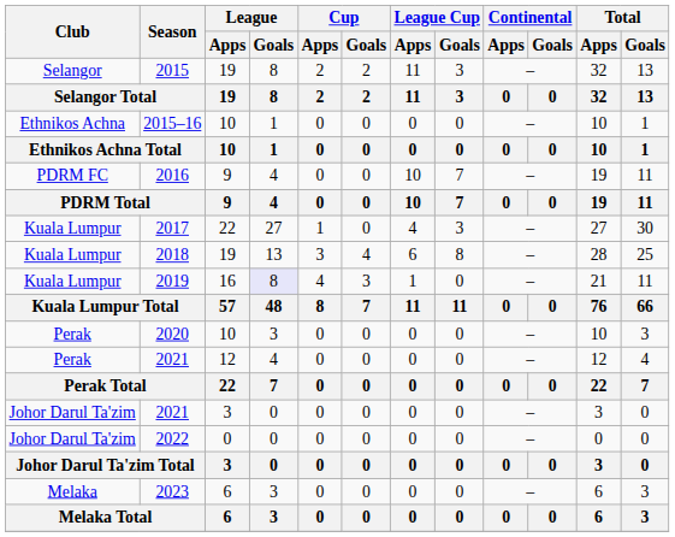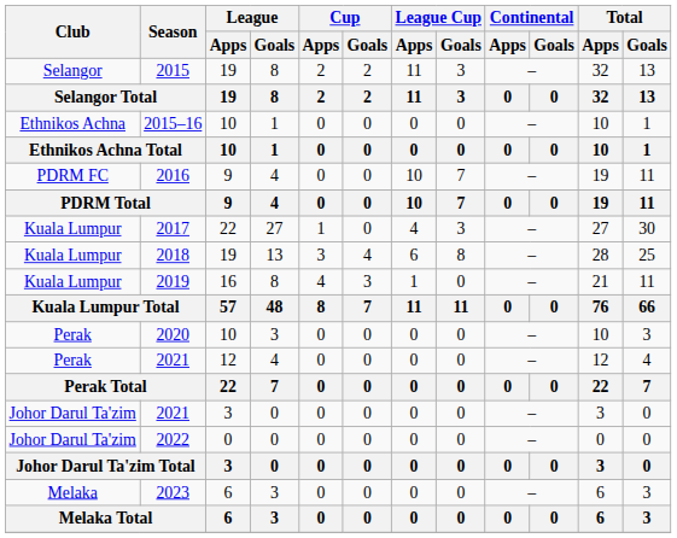 <table class="wikitable" style="text-align:center;">
 <tr>
 <th rowspan="2">Club</th>
 <th rowspan="2">Season</th>
 <th colspan="2">League</th>
 <th colspan="2"><a href='#'>Cup</a></th>
 <th colspan="2"><a href='#'>League Cup</a></th>
 <th colspan="2"><a href='#'>Continental</a></th>
 <th colspan="2">Total</th>
 </tr>
 <tr>
 <th>Apps</th>
 <th>Goals</th>
 <th>Apps</th>
 <th>Goals</th>
 <th>Apps</th>
 <th>Goals</th>
 <th>Apps</th>
 <th>Goals</th>
 <th>Apps</th>
 <th>Goals</th>
 </tr>
 <tr>
 <td><a href='#'>Selangor</a></td>
 <td><a href='#'>2015</a></td>
 <td>19</td>
 <td>8</td>
 <td>2</td>
 <td>2</td>
 <td>11</td>
 <td>3</td>
 <td colspan="2">–</td>
 <td>32</td>
 <td>13</td>
 </tr>
 <tr>
 <th colspan="2">Selangor Total</th>
 <th>19</th>
 <th>8</th>
 <th>2</th>
 <th>2</th>
 <th>11</th>
 <th>3</th>
 <th>0</th>
 <th>0</th>
 <th>32</th>
 <th>13</th>
 </tr>
 <tr>
 <td><a href='#'>Ethnikos Achna</a></td>
 <td><a href='#'>2015–16</a></td>
 <td>10</td>
 <td>1</td>
 <td>0</td>
 <td>0</td>
 <td>0</td>
 <td>0</td>
 <td colspan="2">–</td>
 <td>10</td>
 <td>1</td>
 </tr>
 <tr>
 <th colspan="2">Ethnikos Achna Total</th>
 <th>10</th>
 <th>1</th>
 <th>0</th>
 <th>0</th>
 <th>0</th>
 <th>0</th>
 <th>0</th>
 <th>0</th>
 <th>10</th>
 <th>1</th>
 </tr>
 <tr>
 <td><a href='#'>PDRM FC</a></td>
 <td><a href='#'>2016</a></td>
 <td>9</td>
 <td>4</td>
 <td>0</td>
 <td>0</td>
 <td>10</td>
 <td>7</td>
 <td colspan="2">–</td>
 <td>19</td>
 <td>11</td>
 </tr>
 <tr>
 <th colspan="2">PDRM Total</th>
 <th>9</th>
 <th>4</th>
 <th>0</th>
 <th>0</th>
 <th>10</th>
 <th>7</th>
 <th>0</th>
 <th>0</th>
 <th>19</th>
 <th>11</th>
 </tr>
 <tr>
 <td><a href='#'>Kuala Lumpur</a></td>
 <td><a href='#'>2017</a></td>
 <td>22</td>
 <td>27</td>
 <td>1</td>
 <td>0</td>
 <td>4</td>
 <td>3</td>
 <td colspan="2">–</td>
 <td>27</td>
 <td>30</td>
 </tr>
 <tr>
 <td><a href='#'>Kuala Lumpur</a></td>
 <td><a href='#'>2018</a></td>
 <td>19</td>
 <td>13</td>
 <td>3</td>
 <td>4</td>
 <td>6</td>
 <td>8</td>
 <td colspan="2">–</td>
 <td>28</td>
 <td>25</td>
 </tr>
 <tr>
 <td><a href='#'>Kuala Lumpur</a></td>
 <td><a href='#'>2019</a></td>
 <td>16</td>
-<td style="background: lavender;">8</td>
+<td>8</td>
 <td>4</td>
 <td>3</td>
 <td>1</td>
 <td>0</td>
 <td colspan="2">–</td>
 <td>21</td>
 <td>11</td>
 </tr>
 <tr>
 <th colspan="2">Kuala Lumpur Total</th>
 <th>57</th>
 <th>48</th>
 <th>8</th>
 <th>7</th>
 <th>11</th>
 <th>11</th>
 <th>0</th>
 <th>0</th>
 <th>76</th>
 <th>66</th>
 </tr>
 <tr>
 <td><a href='#'>Perak</a></td>
 <td><a href='#'>2020</a></td>
 <td>10</td>
 <td>3</td>
 <td>0</td>
 <td>0</td>
 <td>0</td>
 <td>0</td>
 <td colspan="2">–</td>
 <td>10</td>
 <td>3</td>
 </tr>
 <tr>
 <td><a href='#'>Perak</a></td>
 <td><a href='#'>2021</a></td>
 <td>12</td>
 <td>4</td>
 <td>0</td>
 <td>0</td>
 <td>0</td>
 <td>0</td>
 <td colspan="2">–</td>
 <td>12</td>
 <td>4</td>
 </tr>
 <tr>
 <th colspan="2">Perak Total</th>
 <th>22</th>
 <th>7</th>
 <th>0</th>
 <th>0</th>
 <th>0</th>
 <th>0</th>
 <th>0</th>
 <th>0</th>
 <th>22</th>
 <th>7</th>
 </tr>
 <tr>
 <td><a href='#'>Johor Darul Ta'zim</a></td>
 <td><a href='#'>2021</a></td>
 <td>3</td>
 <td>0</td>
 <td>0</td>
 <td>0</td>
 <td>0</td>
 <td>0</td>
 <td colspan="2">–</td>
 <td>3</td>
 <td>0</td>
 </tr>
 <tr>
 <td><a href='#'>Johor Darul Ta'zim</a></td>
 <td><a href='#'>2022</a></td>
 <td>0</td>
 <td>0</td>
 <td>0</td>
 <td>0</td>
 <td>0</td>
 <td>0</td>
 <td colspan="2">–</td>
 <td>0</td>
 <td>0</td>
 </tr>
 <tr>
 <th colspan="2">Johor Darul Ta'zim Total</th>
 <th>3</th>
 <th>0</th>
 <th>0</th>
 <th>0</th>
 <th>0</th>
 <th>0</th>
 <th>0</th>
 <th>0</th>
 <th>3</th>
 <th>0</th>
 </tr>
 <tr>
 <td><a href='#'>Melaka</a></td>
 <td><a href='#'>2023</a></td>
 <td>6</td>
 <td>3</td>
 <td>0</td>
 <td>0</td>
 <td>0</td>
 <td>0</td>
 <td colspan="2">–</td>
 <td>6</td>
 <td>3</td>
 </tr>
 <tr>
 <th colspan="2">Melaka Total</th>
 <th>6</th>
 <th>3</th>
 <th>0</th>
 <th>0</th>
 <th>0</th>
 <th>0</th>
 <th>0</th>
 <th>0</th>
 <th>6</th>
 <th>3</th>
 </tr>
 <tr>
 </tr>
 </table>
